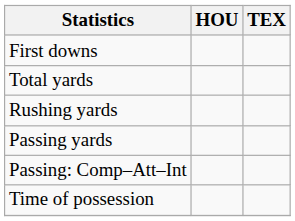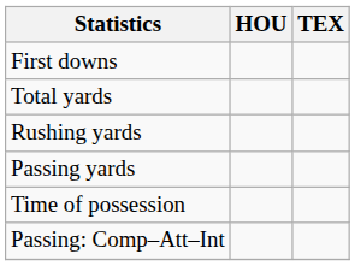 <table class="wikitable" style="float: left;">
 <tr>
 <th>Statistics</th>
 <th>HOU</th>
 <th>TEX</th>
 </tr>
 <tr>
 <td>First downs</td>
 <td></td>
 <td></td>
 </tr>
 <tr>
 <td>Total yards</td>
 <td></td>
 <td></td>
 </tr>
 <tr>
 <td>Rushing yards</td>
 <td></td>
 <td></td>
 </tr>
 <tr>
 <td>Passing yards</td>
 <td></td>
 <td></td>
 </tr>
 <tr>
-<td>Passing: Comp–Att–Int</td>
+<td>Time of possession</td>
 <td></td>
 <td></td>
 </tr>
 <tr>
-<td>Time of possession</td>
+<td>Passing: Comp–Att–Int</td>
 <td></td>
 <td></td>
 </tr>
 <tr>
 </tr>
 </table>
